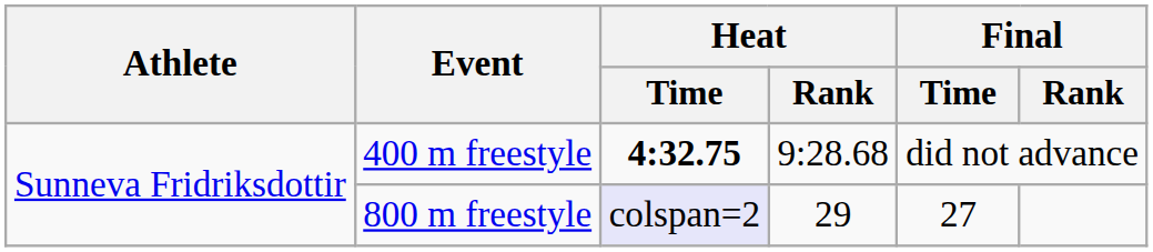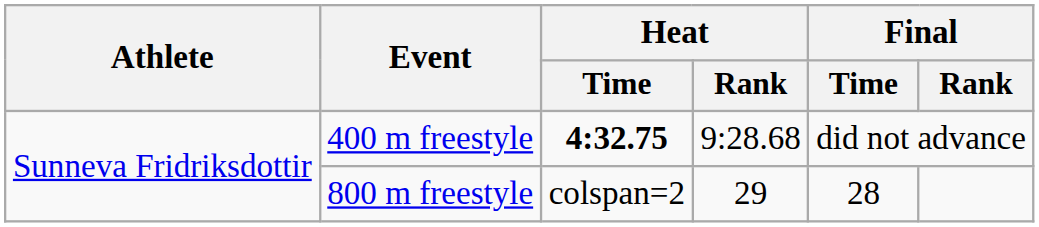 <table class=wikitable style="font-size:90%">
 <tr>
 <th rowspan=2>Athlete</th>
 <th rowspan=2>Event</th>
 <th colspan="2">Heat</th>
 <th colspan="2">Final</th>
 </tr>
 <tr style="font-size:95%">
 <th>Time</th>
 <th>Rank</th>
 <th>Time</th>
 <th>Rank</th>
 </tr>
 <tr align=center>
 <td align=left rowspan=2><a href='#'>Sunneva Fridriksdottir</a></td>
 <td align=left><a href='#'>400 m freestyle</a></td>
 <td><strong>4:32.75</strong></td>
 <td>9:28.68</td>
 <td colspan=2>did not advance</td>
 </tr>
 <tr align=center>
 <td align=left><a href='#'>800 m freestyle</a></td>
-<td style="background: lavender;">colspan=2 </td>
+<td>colspan=2 </td>
 <td>29</td>
-<td>27</td>
+<td>28</td>
 </tr>
 </table>
